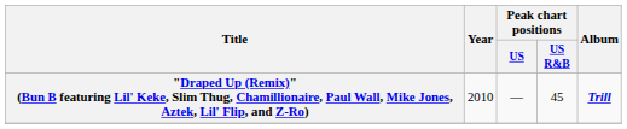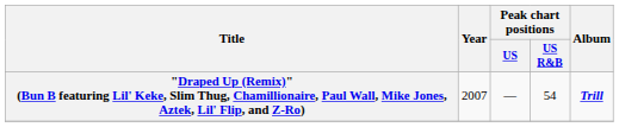 <table class="wikitable plainrowheaders" style="text-align:center;">
 <tr>
 <th scope="col" rowspan="2" style="width:35em;">Title</th>
 <th scope="col" rowspan="2">Year</th>
 <th scope="col" colspan="2">Peak chart positions</th>
 <th scope="col" rowspan="2">Album</th>
 </tr>
 <tr>
 <th scope="col" style="width:3em;font-size:90%;"><a href='#'>US</a></th>
 <th scope="col" style="width:3em;font-size:90%;"><a href='#'>US<br>R&B</a></th>
 </tr>
 <tr>
 <th scope="row">"<a href='#'>Draped Up (Remix)</a>"<br><span>(<a href='#'>Bun B</a> featuring <a href='#'>Lil' Keke</a>, Slim Thug, <a href='#'>Chamillionaire</a>, <a href='#'>Paul Wall</a>, <a href='#'>Mike Jones</a>, <a href='#'>Aztek</a>, <a href='#'>Lil' Flip</a>, and <a href='#'>Z-Ro</a>)</span></th>
-<td>2010</td>
+<td>2007</td>
 <td>—</td>
-<td>45</td>
+<td>54</td>
 <td><strong><em><a href='#'>Trill</a></em></strong></td>
 </tr>
 <tr>
 </tr>
 </table>
